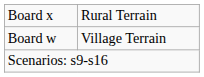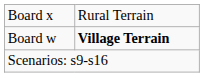 <table class="wikitable floatright" style=width:220px;>
 <tr ---->
 <td>Board x</td>
 <td>Rural Terrain</td>
 </tr>
 <tr ---->
 <td>Board w</td>
-<td>Village Terrain</td>
+<td><strong>Village Terrain</strong></td>
 </tr>
 <tr>
 <td colspan=2>Scenarios: s9-s16</td>
 </tr>
 </table>
